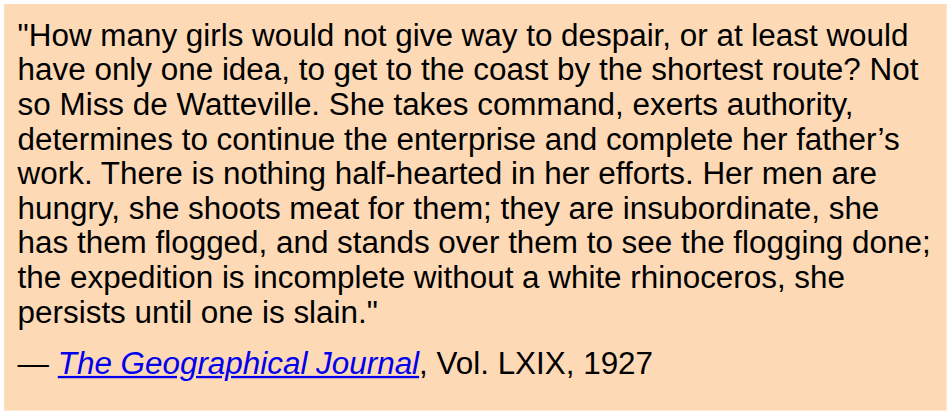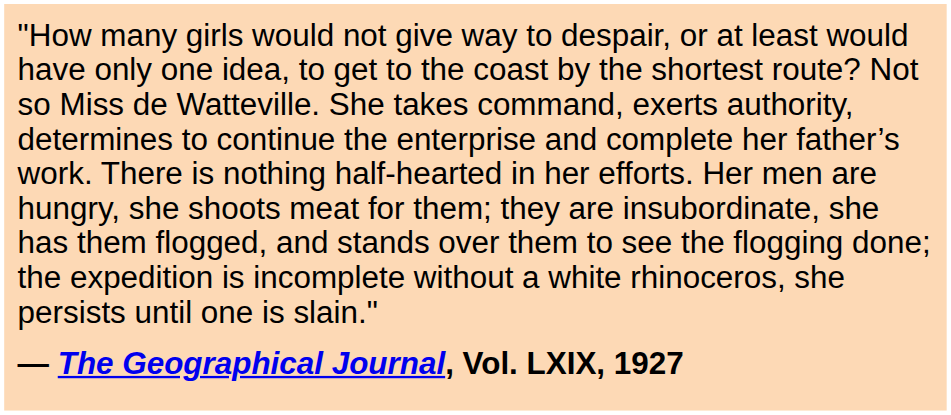 <table class="toccolours" style="float: right; margin-left: 1em; margin-right: 2em; font-size: 85%; background:#FDD9B5; color:black; width:30em; max-width: 40%;" cellspacing="5">
 <tr>
 <td style="text-align: left;">"How many girls would not give way to despair, or at least would have only one idea, to get to the coast by the shortest route? Not so Miss de Watteville. She takes command, exerts authority, determines to continue the enterprise and complete her father’s work. There is nothing half-hearted in her efforts. Her men are hungry, she shoots meat for them; they are insubordinate, she has them flogged, and stands over them to see the flogging done; the expedition is incomplete without a white rhinoceros, she persists until one is slain."<br></td>
 </tr>
 <tr>
-<td>― <em><a href='#'>The Geographical Journal</a></em>, Vol. LXIX, 1927</td>
+<td><strong>― <em><a href='#'>The Geographical Journal</a></em>, Vol. LXIX, 1927</strong></td>
 </tr>
 <tr>
 <td style="text-align: left;"></td>
 </tr>
 </table>
